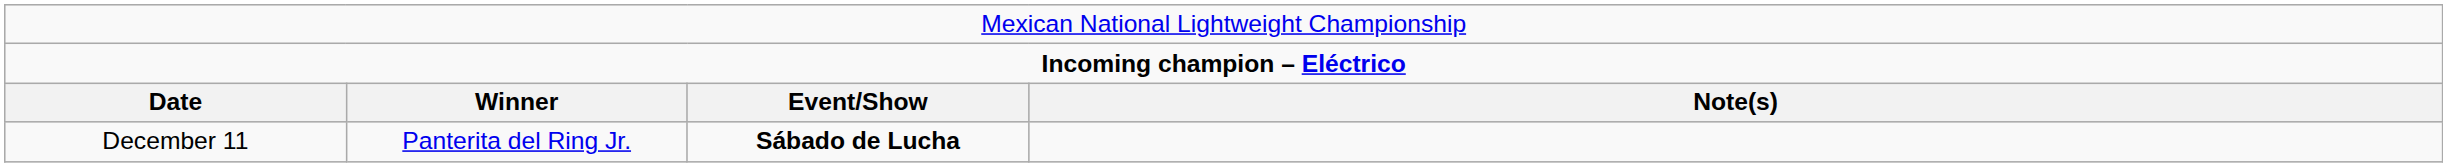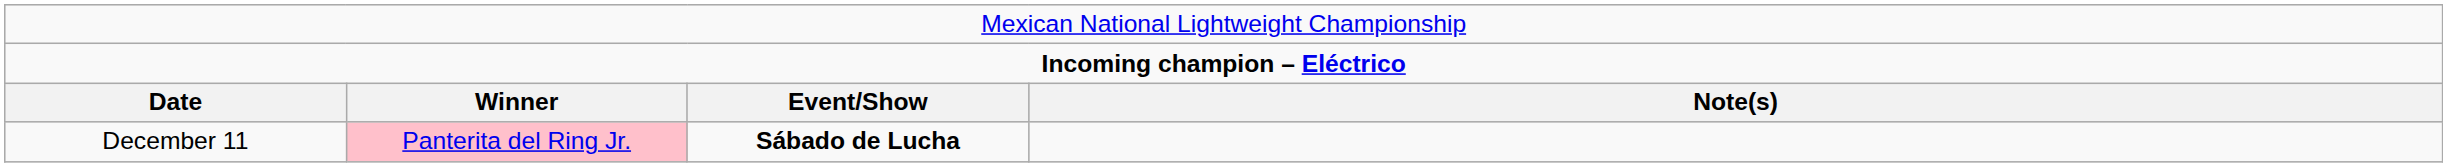 <table class="wikitable" style="text-align:center; width:100%;">
 <tr>
 <td colspan="4" style="text-align: center;"><a href='#'>Mexican National Lightweight Championship</a></td>
 </tr>
 <tr>
 <td colspan="4" style="text-align: center;"><strong>Incoming champion – <a href='#'>Eléctrico</a></strong></td>
 </tr>
 <tr>
 <th width=14%>Date</th>
 <th width=14%>Winner</th>
 <th width=14%>Event/Show</th>
 <th width=58%>Note(s)</th>
 </tr>
 <tr>
 <td>December 11</td>
-<td><a href='#'>Panterita del Ring Jr.</a></td>
+<td style="background: pink;"><a href='#'>Panterita del Ring Jr.</a></td>
 <td><strong>Sábado de Lucha</strong></td>
 <td></td>
 </tr>
 </table>
